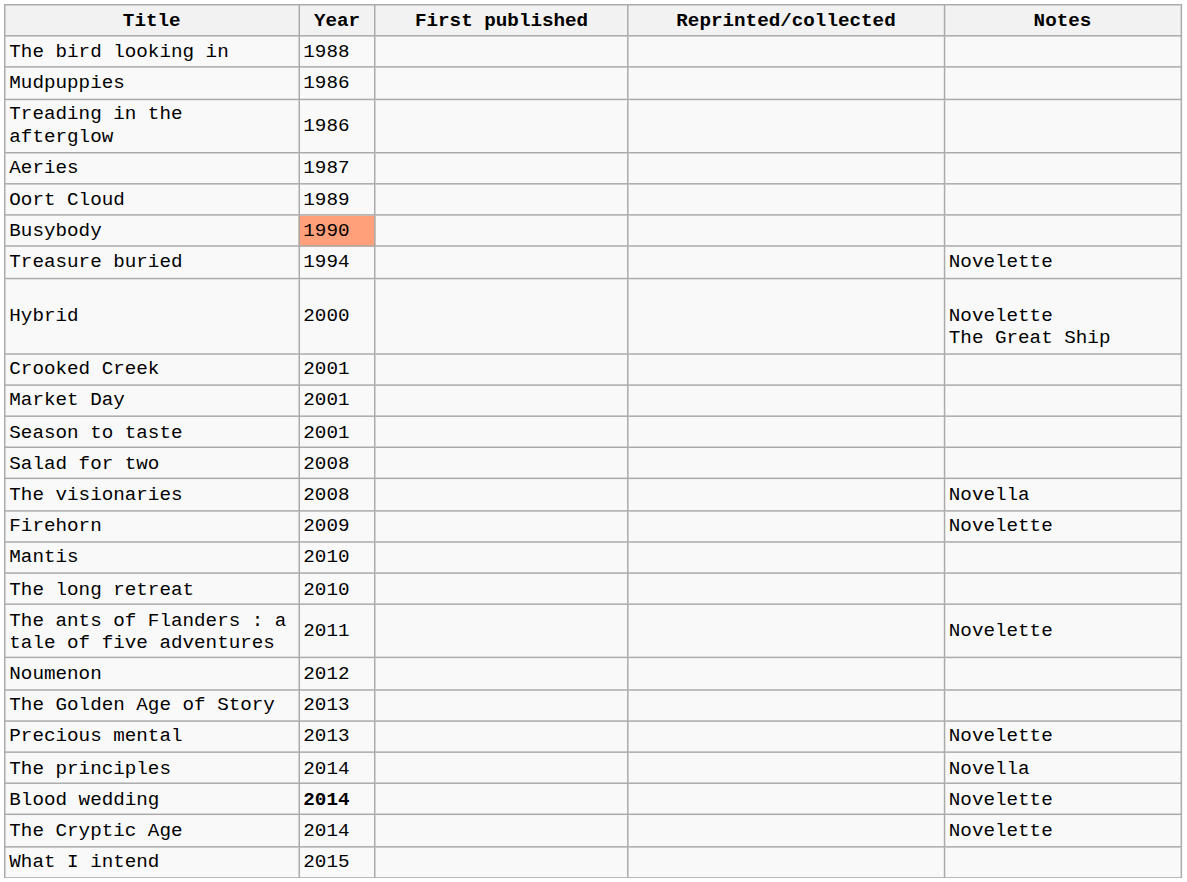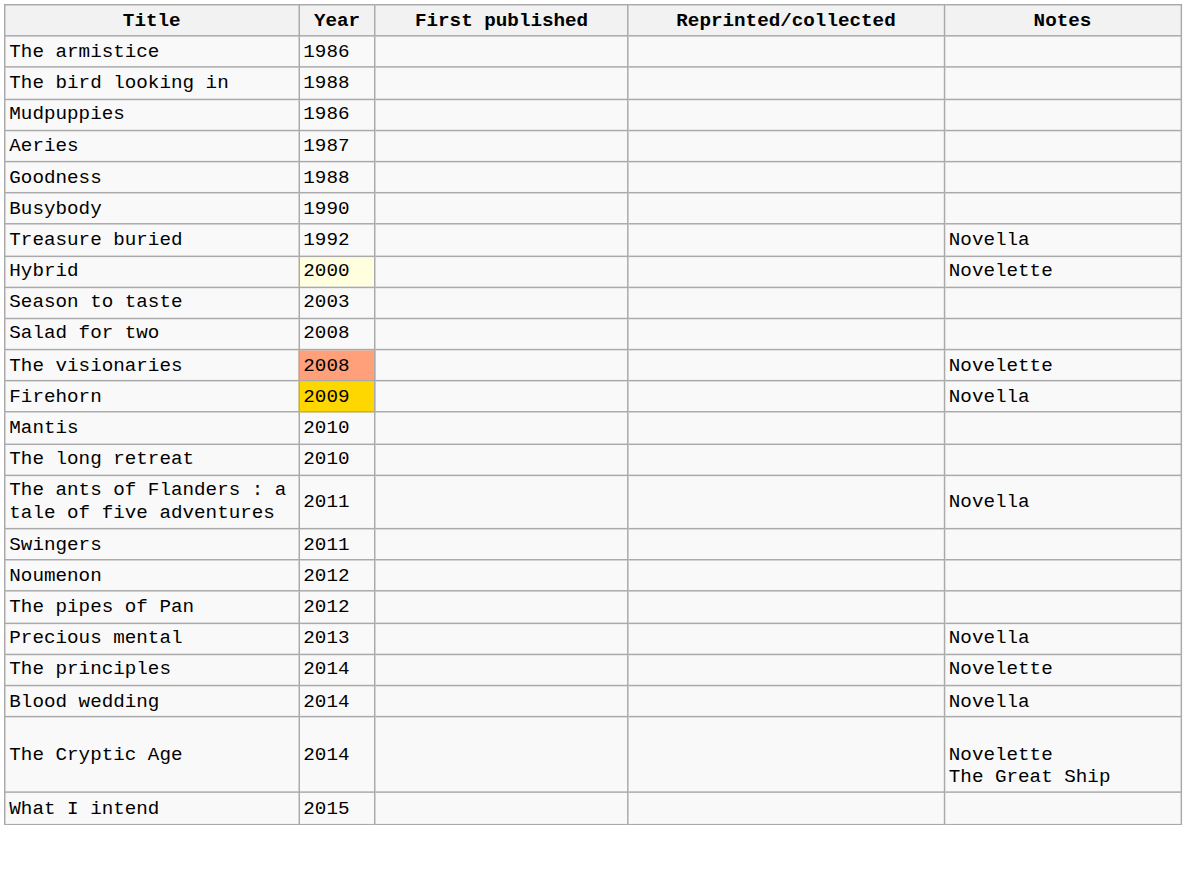 <table class='wikitable sortable' width='90%'>
 <tr>
 <th width=25%>Title</th>
 <th>Year</th>
 <th>First published</th>
 <th>Reprinted/collected</th>
 <th>Notes</th>
+</tr>
+<tr>
+<td data-sort-value="armistice">The armistice</td>
+<td>1986</td>
+<td></td>
+<td></td>
+<td></td>
 </tr>
 <tr>
 <td data-sort-value="Bird looking in">The bird looking in</td>
 <td>1988</td>
 <td></td>
 <td></td>
 <td></td>
 </tr>
 <tr>
 <td>Mudpuppies</td>
 <td>1986</td>
 <td></td>
 <td></td>
 <td></td>
 </tr>
 <tr>
-<td>Treading in the afterglow</td>
-<td>1986</td>
-<td></td>
-<td></td>
-<td></td>
-</tr>
-<tr>
 <td>Aeries</td>
 <td>1987</td>
 <td></td>
 <td></td>
 <td></td>
 </tr>
 <tr>
-<td>Oort Cloud</td>
-<td>1989</td>
+<td>Goodness</td>
+<td>1988</td>
 <td></td>
 <td></td>
 <td></td>
 </tr>
 <tr>
 <td>Busybody</td>
-<td style="background: lightsalmon;">1990</td>
+<td>1990</td>
 <td></td>
 <td></td>
 <td></td>
 </tr>
 <tr>
 <td>Treasure buried</td>
-<td>1994</td>
+<td>1992</td>
+<td></td>
+<td></td>
+<td>Novella</td>
+</tr>
+<tr>
+<td>Hybrid</td>
+<td style="background: lightyellow;">2000</td>
 <td></td>
 <td></td>
 <td>Novelette</td>
 </tr>
 <tr>
-<td>Hybrid</td>
-<td>2000</td>
-<td></td>
-<td></td>
-<td><br>Novelette<br> The Great Ship</td>
-</tr>
-<tr>
-<td>Crooked Creek</td>
-<td>2001</td>
-<td></td>
-<td></td>
-<td></td>
-</tr>
-<tr>
-<td>Market Day</td>
-<td>2001</td>
-<td></td>
-<td></td>
-<td></td>
-</tr>
-<tr>
 <td>Season to taste</td>
-<td>2001</td>
+<td>2003</td>
 <td></td>
 <td></td>
 <td></td>
 </tr>
 <tr>
 <td>Salad for two</td>
 <td>2008</td>
 <td></td>
 <td></td>
 <td></td>
 </tr>
 <tr>
 <td data-sort-value="Visionaries">The visionaries</td>
-<td>2008</td>
+<td style="background: lightsalmon;">2008</td>
+<td></td>
+<td></td>
+<td>Novelette</td>
+</tr>
+<tr>
+<td>Firehorn</td>
+<td style="background: gold;">2009</td>
 <td></td>
 <td></td>
 <td>Novella</td>
-</tr>
-<tr>
-<td>Firehorn</td>
-<td>2009</td>
-<td></td>
-<td></td>
-<td>Novelette</td>
 </tr>
 <tr>
 <td>Mantis</td>
 <td>2010</td>
 <td></td>
 <td></td>
 <td></td>
 </tr>
 <tr>
 <td data-sort-value="long retreat">The long retreat</td>
 <td>2010</td>
 <td></td>
 <td></td>
 <td></td>
 </tr>
 <tr>
 <td data-sort-value="Ants of Flanders">The ants of Flanders : a tale of five adventures</td>
 <td>2011</td>
 <td></td>
 <td></td>
-<td>Novelette</td>
+<td>Novella</td>
+</tr>
+<tr>
+<td>Swingers</td>
+<td>2011</td>
+<td></td>
+<td></td>
+<td></td>
 </tr>
 <tr>
 <td>Noumenon</td>
 <td>2012</td>
 <td></td>
 <td></td>
 <td></td>
 </tr>
 <tr>
-<td data-sort-value="Golden Age of Story">The Golden Age of Story</td>
-<td>2013</td>
+<td data-sort-value="pipes of Pan">The pipes of Pan</td>
+<td>2012</td>
 <td></td>
 <td></td>
 <td></td>
 </tr>
 <tr>
 <td>Precious mental</td>
 <td>2013</td>
 <td></td>
 <td></td>
-<td>Novelette</td>
+<td>Novella</td>
 </tr>
 <tr>
 <td data-sort-value="principles">The principles</td>
 <td>2014</td>
 <td></td>
 <td></td>
-<td>Novella</td>
+<td>Novelette</td>
 </tr>
 <tr>
 <td>Blood wedding</td>
-<td><strong>2014</strong></td>
+<td>2014</td>
 <td></td>
 <td></td>
-<td>Novelette</td>
+<td>Novella</td>
 </tr>
 <tr>
 <td data-sort-value="Cryptic Age">The Cryptic Age</td>
 <td>2014</td>
 <td></td>
 <td></td>
-<td>Novelette</td>
+<td><br>Novelette<br> The Great Ship</td>
 </tr>
 <tr>
 <td>What I intend</td>
 <td>2015</td>
 <td></td>
 <td></td>
 <td></td>
 </tr>
 </table>
